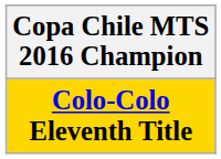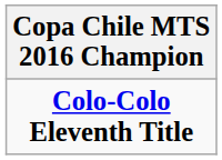 <table class="wikitable" style="text-align: center; margin: 0 auto;">
 <tr>
 <th>Copa Chile MTS<br>2016 Champion</th>
 </tr>
 <tr>
-<td style="background: gold;"><strong><a href='#'>Colo-Colo</a></strong><br><strong>Eleventh Title</strong></td>
+<td><strong><a href='#'>Colo-Colo</a></strong><br><strong>Eleventh Title</strong></td>
 </tr>
 </table>
